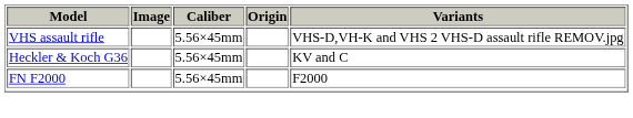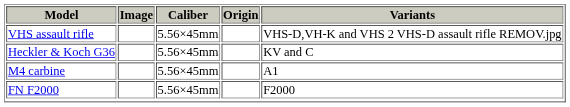 <table border=1 style="border-collapse:">
 <tr bgcolor=ccccc>
 <th>Model</th>
 <th>Image</th>
 <th>Caliber</th>
 <th>Origin</th>
 <th>Variants</th>
 </tr>
 <tr>
 <td><a href='#'>VHS assault rifle</a></td>
 <td></td>
 <td>5.56×45mm</td>
 <td></td>
 <td>VHS-D,VH-K and VHS 2 VHS-D assault rifle REMOV.jpg</td>
 </tr>
 <tr>
 <td><a href='#'>Heckler & Koch G36</a></td>
 <td></td>
 <td>5.56×45mm</td>
 <td></td>
 <td>KV and C</td>
 </tr>
 <tr>
+<td><a href='#'>M4 carbine</a></td>
+<td></td>
+<td>5.56×45mm</td>
+<td></td>
+<td>A1</td>
+</tr>
+<tr>
 <td><a href='#'>FN F2000</a></td>
 <td></td>
 <td>5.56×45mm</td>
 <td></td>
 <td>F2000</td>
 </tr>
 <tr>
 </tr>
 </table>
